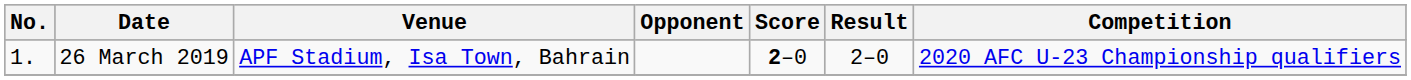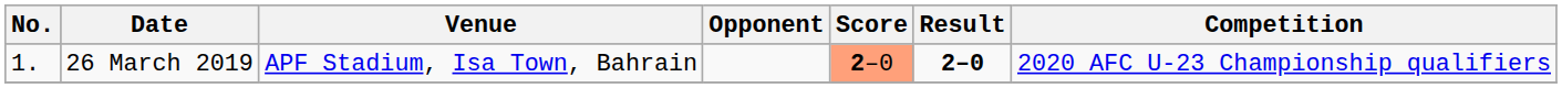 <table class="wikitable" style="font-size:100%;">
 <tr>
 <th>No.</th>
 <th>Date</th>
 <th>Venue</th>
 <th>Opponent</th>
 <th>Score</th>
 <th>Result</th>
 <th>Competition</th>
 </tr>
 <tr>
 <td>1.</td>
 <td>26 March 2019</td>
 <td><a href='#'>APF Stadium</a>, <a href='#'>Isa Town</a>, Bahrain</td>
 <td></td>
-<td align=center><strong>2</strong>–0</td>
-<td align=center>2–0</td>
+<td align=center style="background: lightsalmon;"><strong>2</strong>–0</td>
+<td align=center><strong>2–0</strong></td>
 <td><a href='#'>2020 AFC U-23 Championship qualifiers</a></td>
 </tr>
 <tr>
 </tr>
 </table>
